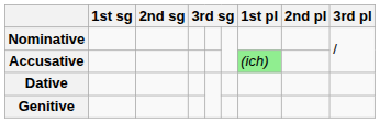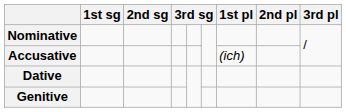 <table class="wikitable">
 <tr>
 <th></th>
 <th>1st sg</th>
 <th>2nd sg</th>
 <th colspan="3">3rd sg</th>
 <th>1st pl</th>
 <th>2nd pl</th>
 <th>3rd pl</th>
 </tr>
 <tr>
 <th>Nominative</th>
 <td><em></em></td>
 <td><em></em></td>
 <td><em></em></td>
 <td><em></em></td>
 <td rowspan="2"><em></em></td>
 <td><em></em></td>
 <td><em></em></td>
 <td rowspan="2"><em></em> / <em></em></td>
 </tr>
 <tr>
 <th>Accusative</th>
 <td><em></em></td>
 <td><em></em></td>
 <td><em></em></td>
 <td><em></em></td>
-<td style="background: lightgreen;"><em>(ich)</em></td>
+<td><em>(ich)</em></td>
 <td><em></em></td>
 </tr>
 <tr>
 <th>Dative</th>
 <td><em></em></td>
 <td><em></em></td>
 <td><em></em></td>
 <td rowspan="2"><em></em></td>
 <td><em></em></td>
 <td><em></em></td>
 <td><em></em></td>
 <td><em></em></td>
 </tr>
 <tr>
 <th>Genitive</th>
 <td><em></em></td>
 <td><em></em></td>
 <td><em></em></td>
 <td><em></em></td>
 <td><em></em></td>
 <td><em></em></td>
 <td><em></em></td>
 </tr>
 </table>
